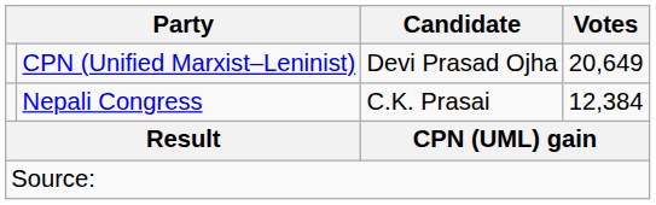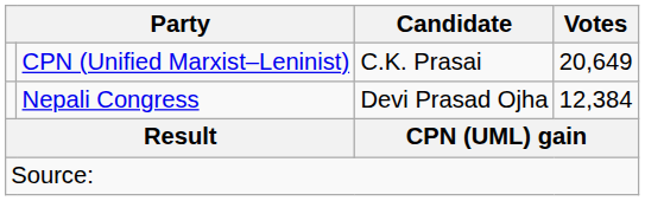 <table class="wikitable">
 <tr>
 <th colspan="2">Party</th>
 <th>Candidate</th>
 <th>Votes</th>
 </tr>
 <tr>
 <td style="background-color:"></td>
 <td><a href='#'>CPN (Unified Marxist–Leninist)</a></td>
-<td>Devi Prasad Ojha</td>
+<td>C.K. Prasai</td>
 <td>20,649</td>
 </tr>
 <tr>
 <td style="background-color:"></td>
 <td><a href='#'>Nepali Congress</a></td>
-<td>C.K. Prasai</td>
+<td>Devi Prasad Ojha</td>
 <td>12,384</td>
 </tr>
 <tr>
 <th colspan="2">Result</th>
 <th colspan="2">CPN (UML) gain</th>
 </tr>
 <tr>
 <td colspan="4">Source: </td>
 </tr>
 </table>
